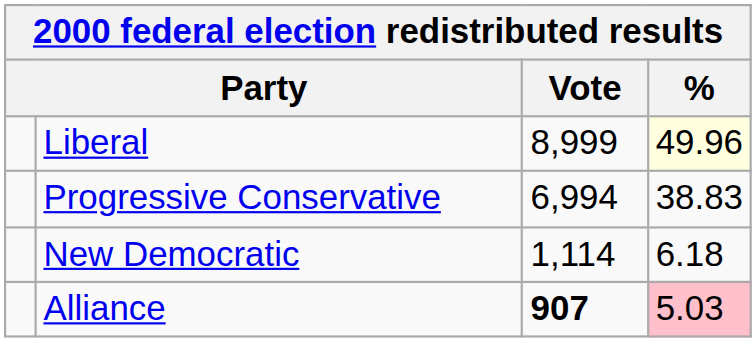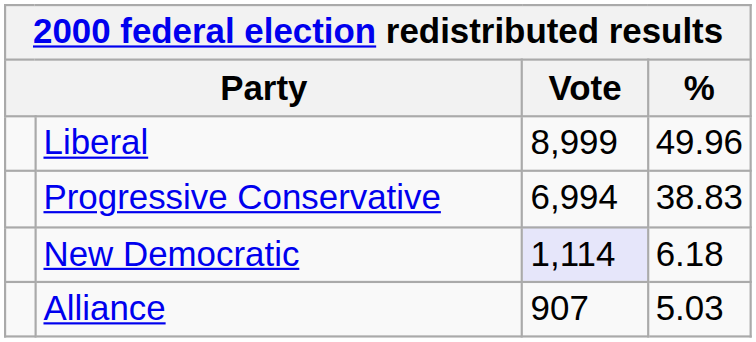 <table class="wikitable">
 <tr>
 <th colspan="4"><a href='#'>2000 federal election</a> redistributed results</th>
 </tr>
 <tr>
 <th bgcolor="#DDDDFF" width="230px" colspan="2">Party</th>
 <th bgcolor="#DDDDFF" width="50px">Vote</th>
 <th bgcolor="#DDDDFF" width="30px">%</th>
 </tr>
 <tr>
 <td> </td>
 <td><a href='#'>Liberal</a></td>
 <td>8,999</td>
-<td style="background: lightyellow;">49.96</td>
+<td>49.96</td>
 </tr>
 <tr>
 <td> </td>
 <td><a href='#'>Progressive Conservative</a></td>
 <td>6,994</td>
 <td>38.83</td>
 </tr>
 <tr>
 <td> </td>
 <td><a href='#'>New Democratic</a></td>
-<td>1,114</td>
+<td style="background: lavender;">1,114</td>
 <td>6.18</td>
 </tr>
 <tr>
 <td> </td>
 <td><a href='#'>Alliance</a></td>
-<td><strong>907</strong></td>
-<td style="background: pink;">5.03</td>
+<td>907</td>
+<td>5.03</td>
 </tr>
 </table>
